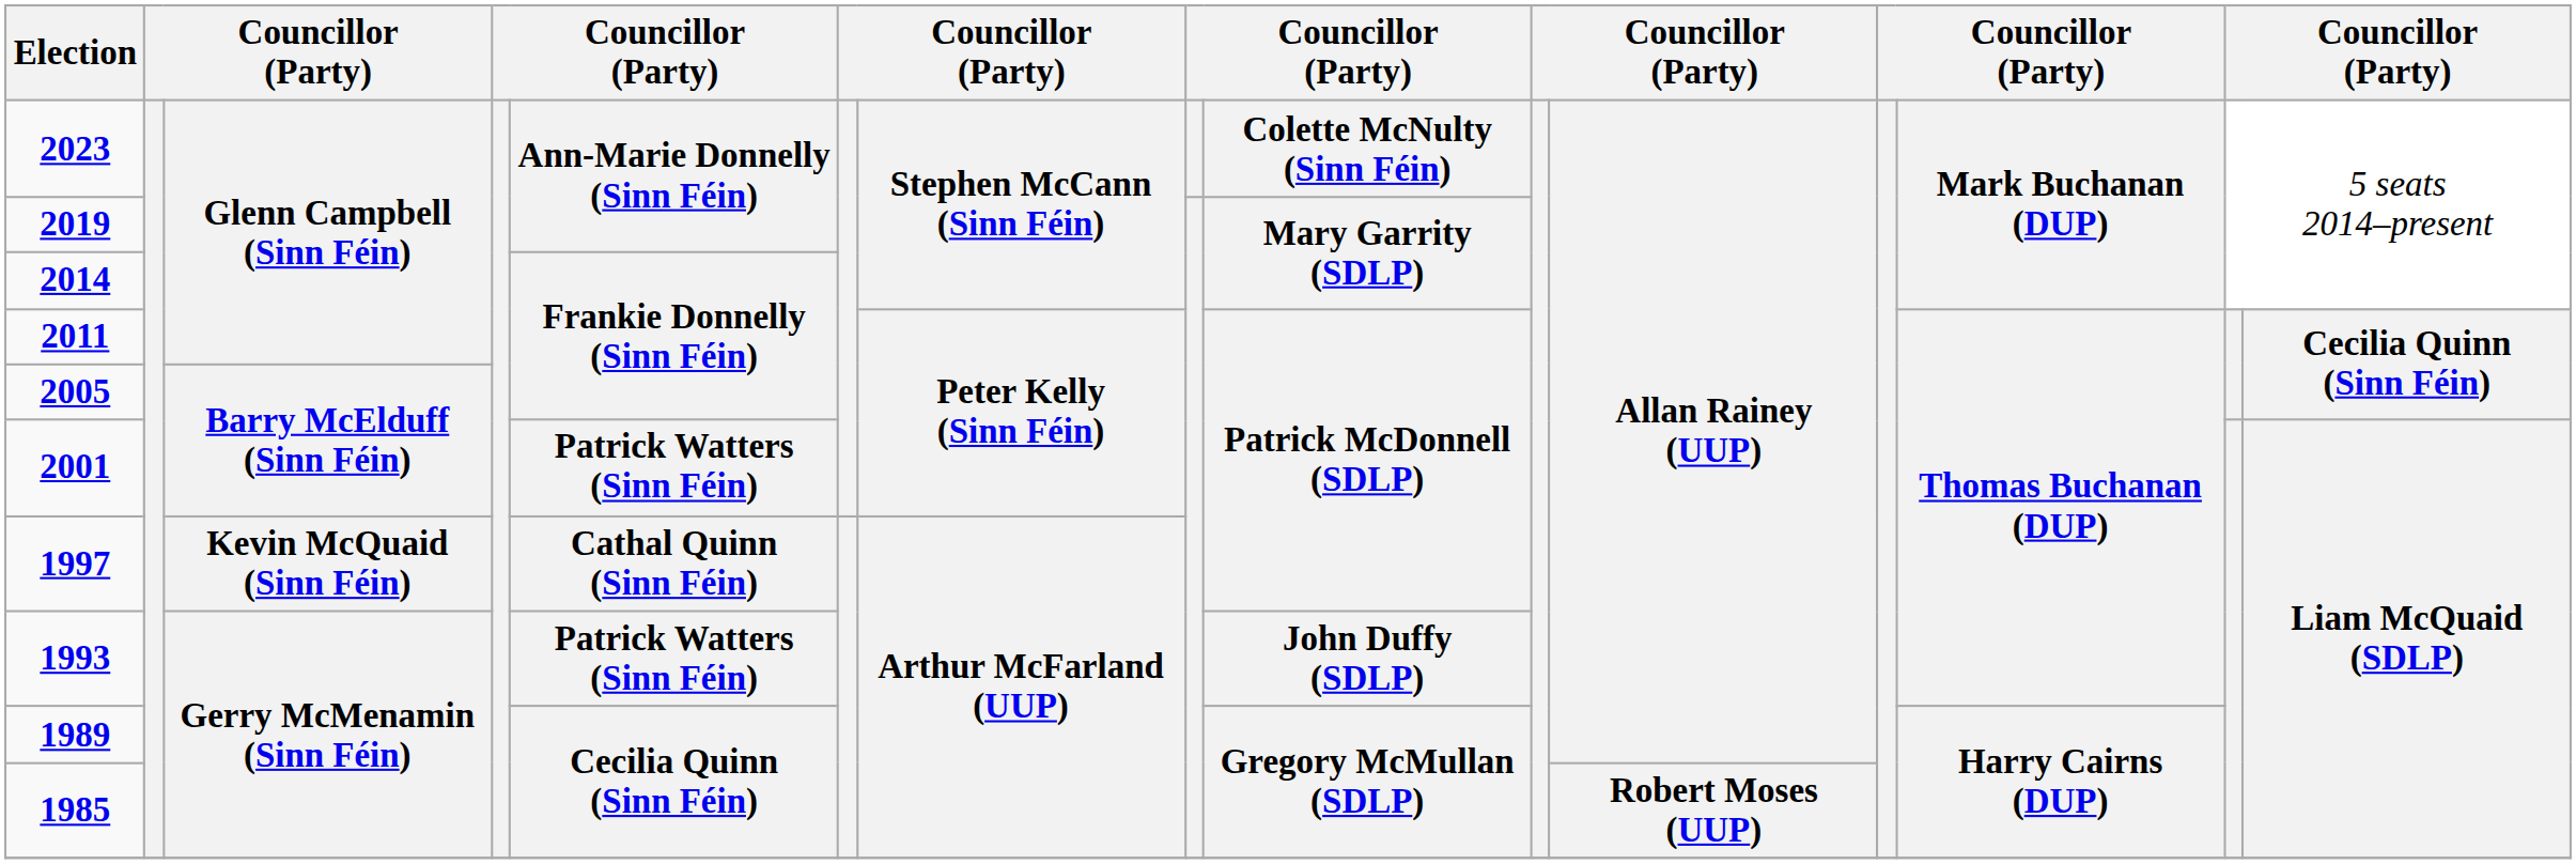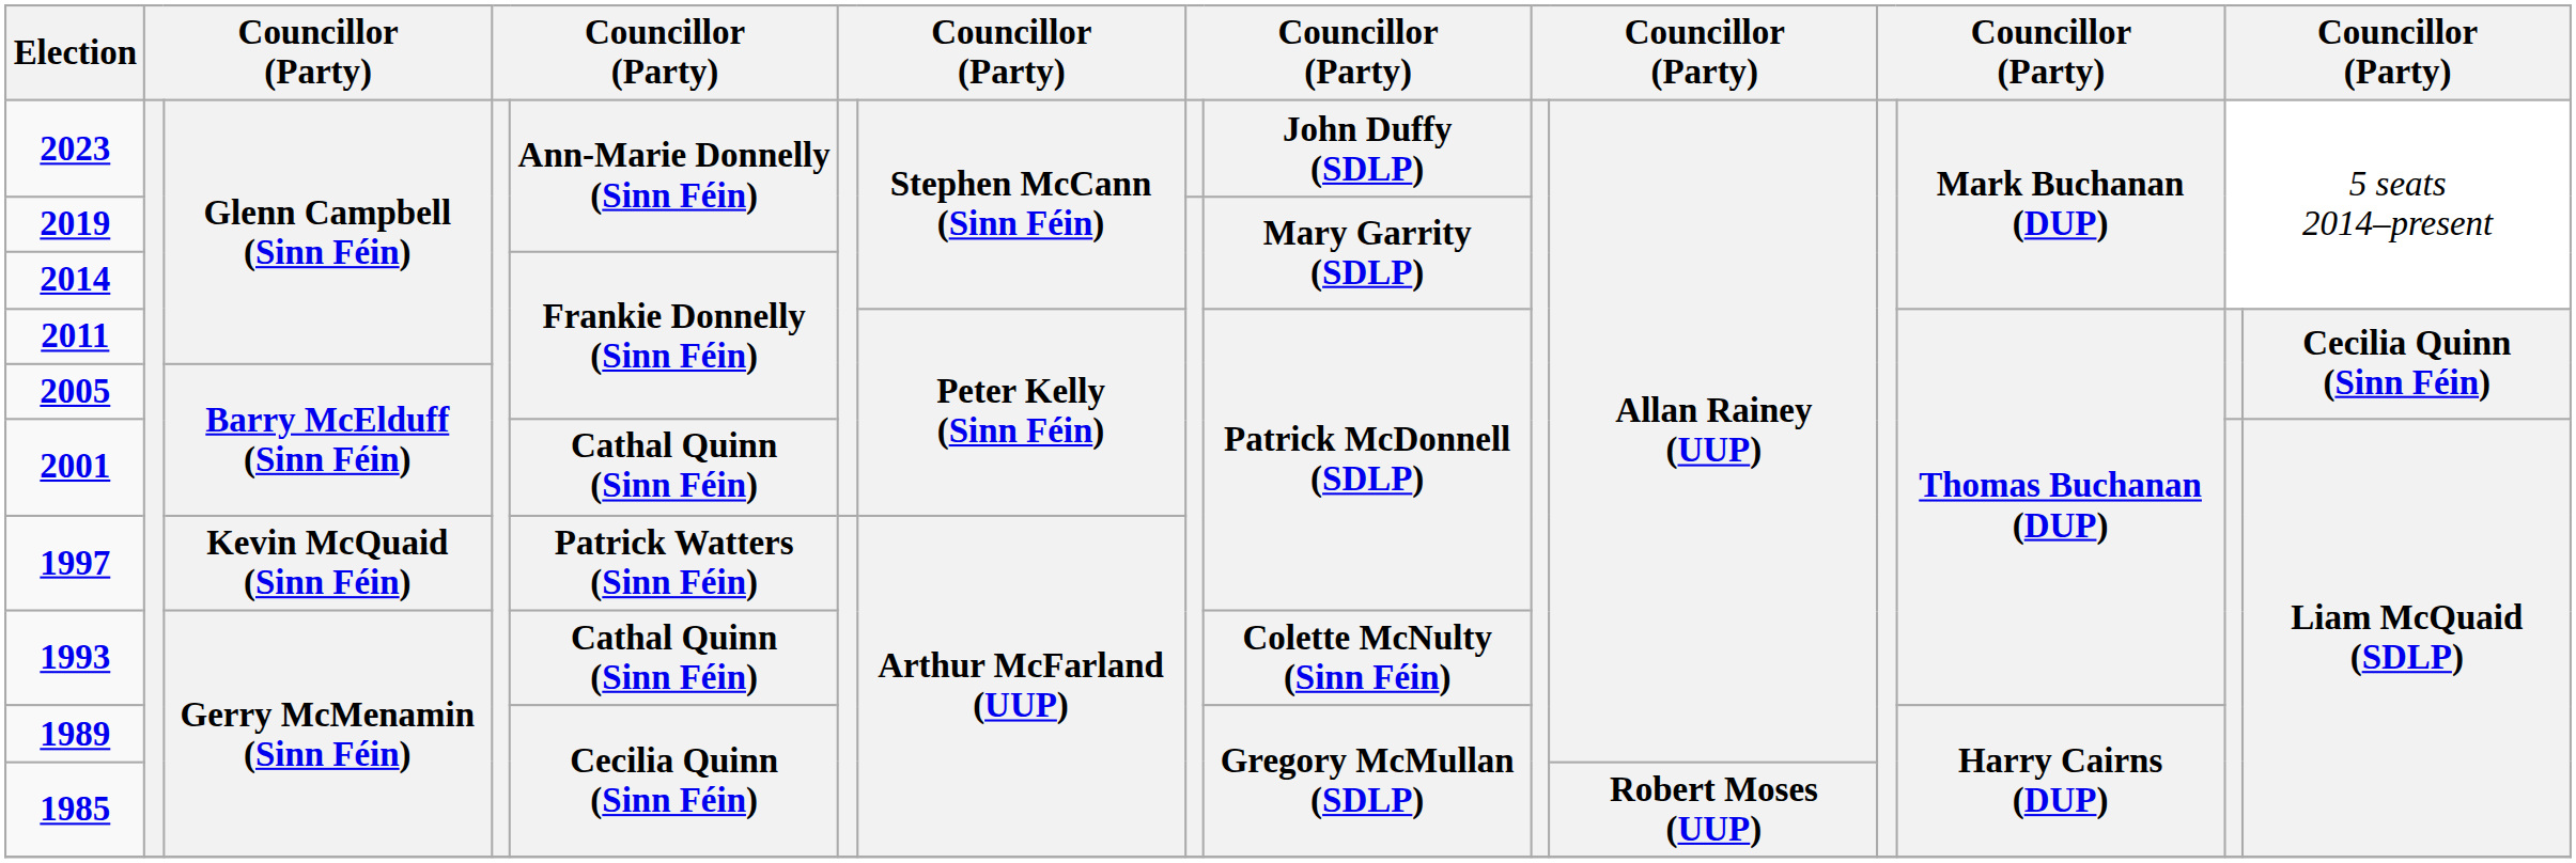 <table class="wikitable" style="text-align:center">
 <tr>
 <th scope="col" width="50">Election</th>
 <th scope="col" width="150" colspan = "2">Councillor<br> (Party)</th>
 <th scope="col" width="150" colspan = "2">Councillor<br> (Party)</th>
 <th scope="col" width="150" colspan = "2">Councillor<br> (Party)</th>
 <th scope="col" width="150" colspan = "2">Councillor<br> (Party)</th>
 <th scope="col" width="150" colspan = "2">Councillor<br> (Party)</th>
 <th scope="col" width="150" colspan = "2">Councillor<br> (Party)</th>
 <th scope="col" width="150" colspan = "2">Councillor<br> (Party)</th>
 </tr>
 <tr>
 <td><strong><a href='#'>2023</a></strong></td>
 <th rowspan="10" width="1" style="background-color: "></th>
 <th rowspan = "4">Glenn Campbell <br> (<a href='#'>Sinn Féin</a>)</th>
 <th rowspan="10" width="1" style="background-color: "></th>
 <th rowspan = "2">Ann-Marie Donnelly <br> (<a href='#'>Sinn Féin</a>)</th>
 <th rowspan="6" width="1" style="background-color: "></th>
 <th rowspan = "3">Stephen McCann <br> (<a href='#'>Sinn Féin</a>)</th>
 <th rowspan="1" width="1" style="background-color: "></th>
-<th rowspan = "1">Colette McNulty <br> (<a href='#'>Sinn Féin</a>)</th>
+<th rowspan = "1">John Duffy <br> (<a href='#'>SDLP</a>)</th>
 <th rowspan="10" width="1" style="background-color: "></th>
 <th rowspan = "9">Allan Rainey <br> (<a href='#'>UUP</a>)</th>
 <th rowspan="10" width="1" style="background-color: "></th>
 <th rowspan = "3">Mark Buchanan <br> (<a href='#'>DUP</a>)</th>
 <td colspan="2" rowspan="3" style="background-color:#FFFFFF"><em>5 seats<br>2014–present</em></td>
 </tr>
 <tr>
 <td><strong><a href='#'>2019</a></strong></td>
 <th rowspan="9" width="1" style="background-color: "></th>
 <th rowspan = "2">Mary Garrity <br> (<a href='#'>SDLP</a>)</th>
 </tr>
 <tr>
 <td><strong><a href='#'>2014</a></strong></td>
 <th rowspan = "3">Frankie Donnelly <br> (<a href='#'>Sinn Féin</a>)</th>
 </tr>
 <tr>
 <td><strong><a href='#'>2011</a></strong></td>
 <th rowspan = "3">Peter Kelly <br> (<a href='#'>Sinn Féin</a>)</th>
 <th rowspan = "4">Patrick McDonnell <br> (<a href='#'>SDLP</a>)</th>
 <th rowspan = "5"><a href='#'>Thomas Buchanan</a> <br> (<a href='#'>DUP</a>)</th>
 <th rowspan="2" width="1" style="background-color: "></th>
 <th rowspan = "2">Cecilia Quinn <br> (<a href='#'>Sinn Féin</a>)</th>
 </tr>
 <tr>
 <td><strong><a href='#'>2005</a></strong></td>
 <th rowspan = "2"><a href='#'>Barry McElduff</a> <br> (<a href='#'>Sinn Féin</a>)</th>
 </tr>
 <tr>
 <td><strong><a href='#'>2001</a></strong></td>
-<th rowspan = "1">Patrick Watters <br> (<a href='#'>Sinn Féin</a>)</th>
+<th rowspan = "1">Cathal Quinn <br> (<a href='#'>Sinn Féin</a>)</th>
 <th rowspan="5" width="1" style="background-color: "></th>
 <th rowspan = "5">Liam McQuaid <br> (<a href='#'>SDLP</a>)</th>
 </tr>
 <tr>
 <td><strong><a href='#'>1997</a></strong></td>
 <th rowspan = "1">Kevin McQuaid <br> (<a href='#'>Sinn Féin</a>)</th>
-<th rowspan = "1">Cathal Quinn <br> (<a href='#'>Sinn Féin</a>)</th>
+<th rowspan = "1">Patrick Watters <br> (<a href='#'>Sinn Féin</a>)</th>
 <th rowspan="4" width="1" style="background-color: "></th>
 <th rowspan = "4">Arthur McFarland <br> (<a href='#'>UUP</a>)</th>
 </tr>
 <tr>
 <td><strong><a href='#'>1993</a></strong></td>
 <th rowspan = "3">Gerry McMenamin <br> (<a href='#'>Sinn Féin</a>)</th>
-<th rowspan = "1">Patrick Watters <br> (<a href='#'>Sinn Féin</a>)</th>
-<th rowspan = "1">John Duffy <br> (<a href='#'>SDLP</a>)</th>
+<th rowspan = "1">Cathal Quinn <br> (<a href='#'>Sinn Féin</a>)</th>
+<th rowspan = "1">Colette McNulty <br> (<a href='#'>Sinn Féin</a>)</th>
 </tr>
 <tr>
 <td><strong><a href='#'>1989</a></strong></td>
 <th rowspan = "2">Cecilia Quinn <br> (<a href='#'>Sinn Féin</a>)</th>
 <th rowspan = "2">Gregory McMullan <br> (<a href='#'>SDLP</a>)</th>
 <th rowspan = "2">Harry Cairns <br> (<a href='#'>DUP</a>)</th>
 </tr>
 <tr>
 <td><strong><a href='#'>1985</a></strong></td>
 <th rowspan = "1">Robert Moses <br> (<a href='#'>UUP</a>)</th>
 </tr>
 <tr>
 </tr>
 </table>
